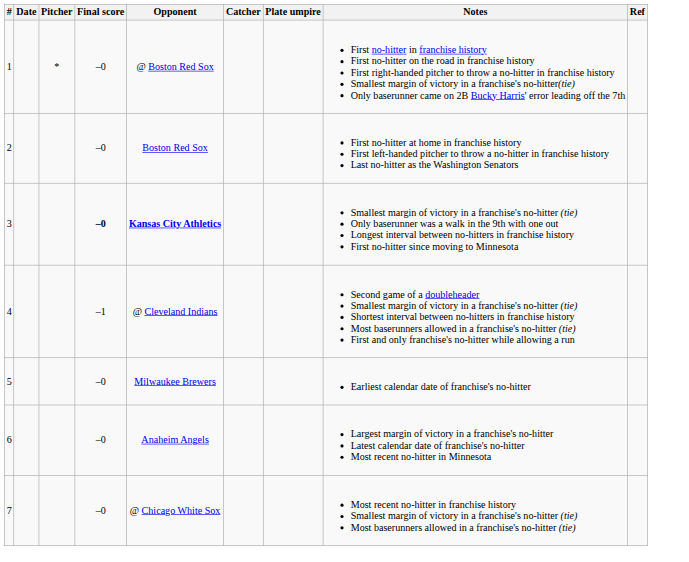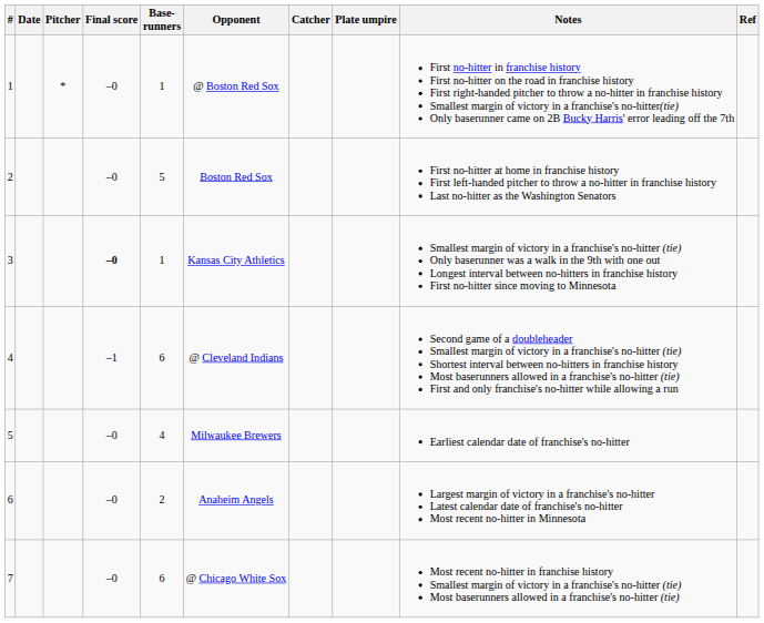 <table class="wikitable sortable" style="text-align:center" border="1">
 <tr>
 <th>#</th>
 <th>Date</th>
 <th>Pitcher</th>
 <th>Final score</th>
+<th>Base-<br>runners</th>
 <th>Opponent</th>
 <th>Catcher</th>
 <th>Plate umpire</th>
 <th class="unsortable">Notes</th>
 <th class="unsortable">Ref</th>
 </tr>
 <tr>
 <td>1</td>
 <td></td>
 <td>*</td>
 <td>–0</td>
+<td>1</td>
 <td>@ <a href='#'>Boston Red Sox</a></td>
 <td></td>
 <td></td>
 <td align="left"><br><ul><li>First <a href='#'>no-hitter</a> in <a href='#'>franchise history</a></li><li>First no-hitter on the road in franchise history</li><li>First right-handed pitcher to throw a no-hitter in franchise history</li><li>Smallest margin of victory in a franchise's no-hitter<em>(tie)</em></li><li>Only baserunner came on 2B <a href='#'>Bucky Harris</a>' error leading off the 7th</li></ul></td>
 <td></td>
 </tr>
 <tr>
 <td>2</td>
 <td></td>
 <td></td>
 <td>–0</td>
+<td>5</td>
 <td><a href='#'>Boston Red Sox</a></td>
 <td></td>
 <td></td>
 <td align="left"><br><ul><li>First no-hitter at home in franchise history</li><li>First left-handed pitcher to throw a no-hitter in franchise history</li><li>Last no-hitter as the Washington Senators</li></ul></td>
 <td></td>
 </tr>
 <tr>
 <td>3</td>
 <td></td>
 <td></td>
 <td><strong>–0</strong></td>
-<td><strong><a href='#'>Kansas City Athletics</a></strong></td>
+<td>1</td>
+<td><a href='#'>Kansas City Athletics</a></td>
 <td></td>
 <td></td>
 <td align="left"><br><ul><li>Smallest margin of victory in a franchise's no-hitter <em>(tie)</em></li><li>Only baserunner was a walk in the 9th with one out</li><li>Longest interval between no-hitters in franchise history</li><li>First no-hitter since moving to Minnesota</li></ul></td>
 <td></td>
 </tr>
 <tr>
 <td>4</td>
 <td></td>
 <td></td>
 <td>–1</td>
+<td>6</td>
 <td>@ <a href='#'>Cleveland Indians</a></td>
 <td></td>
 <td></td>
 <td align="left"><br><ul><li>Second game of a <a href='#'>doubleheader</a></li><li>Smallest margin of victory in a franchise's no-hitter <em>(tie)</em></li><li>Shortest interval between no-hitters in franchise history</li><li>Most baserunners allowed in a franchise's no-hitter <em>(tie)</em></li><li>First and only franchise's no-hitter while allowing a run</li></ul></td>
 <td></td>
 </tr>
 <tr>
 <td>5</td>
 <td></td>
 <td></td>
 <td>–0</td>
+<td>4</td>
 <td><a href='#'>Milwaukee Brewers</a></td>
 <td></td>
 <td></td>
 <td align="left"><br><ul><li>Earliest calendar date of franchise's no-hitter</li></ul></td>
 <td></td>
 </tr>
 <tr>
 <td>6</td>
 <td></td>
 <td></td>
 <td>–0</td>
+<td>2</td>
 <td><a href='#'>Anaheim Angels</a></td>
 <td></td>
 <td></td>
 <td align="left"><br><ul><li>Largest margin of victory in a franchise's no-hitter</li><li>Latest calendar date of franchise's no-hitter</li><li>Most recent no-hitter in Minnesota</li></ul></td>
 <td></td>
 </tr>
 <tr>
 <td>7</td>
 <td></td>
 <td></td>
 <td>–0</td>
+<td>6</td>
 <td>@ <a href='#'>Chicago White Sox</a></td>
 <td></td>
 <td></td>
 <td align="left"><br><ul><li>Most recent no-hitter in franchise history</li><li>Smallest margin of victory in a franchise's no-hitter <em>(tie)</em></li><li>Most baserunners allowed in a franchise's no-hitter <em>(tie)</em></li></ul></td>
 <td></td>
 </tr>
 </table>
